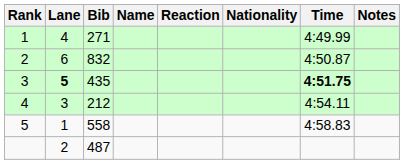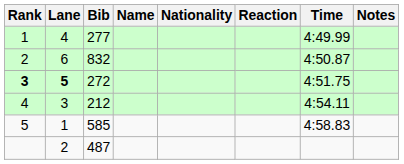 <table class="wikitable sortable" style="text-align:center">
 <tr>
 <th>Rank</th>
 <th>Lane</th>
 <th>Bib</th>
 <th>Name</th>
+<th>Nationality</th>
 <th>Reaction</th>
-<th>Nationality</th>
 <th>Time</th>
 <th>Notes</th>
 </tr>
 <tr bgcolor=ccffcc>
 <td>1</td>
 <td>4</td>
-<td>271</td>
+<td>277</td>
+<td align=left></td>
 <td align=left></td>
 <td></td>
-<td align=left></td>
 <td>4:49.99</td>
 <td><strong></strong></td>
 </tr>
 <tr bgcolor=ccffcc>
 <td>2</td>
 <td>6</td>
 <td>832</td>
 <td align=left></td>
+<td align=left></td>
 <td></td>
-<td align=left></td>
 <td>4:50.87</td>
 <td><strong></strong></td>
 </tr>
 <tr bgcolor=ccffcc>
-<td>3</td>
+<td><strong>3</strong></td>
 <td><strong>5</strong></td>
-<td>435</td>
+<td>272</td>
+<td align=left></td>
 <td align=left></td>
 <td></td>
-<td align=left></td>
-<td><strong>4:51.75</strong></td>
+<td>4:51.75</td>
 <td><strong></strong></td>
 </tr>
 <tr bgcolor=ccffcc>
 <td>4</td>
 <td>3</td>
 <td>212</td>
 <td align=left></td>
+<td align=left></td>
 <td></td>
-<td align=left></td>
 <td>4:54.11</td>
 <td><strong></strong></td>
 </tr>
 <tr>
 <td>5</td>
 <td>1</td>
-<td>558</td>
+<td>585</td>
+<td align=left></td>
 <td align=left></td>
 <td></td>
-<td align=left></td>
 <td>4:58.83</td>
 <td></td>
 </tr>
 <tr>
 <td></td>
 <td>2</td>
 <td>487</td>
 <td align=left></td>
+<td align=left></td>
 <td></td>
-<td align=left></td>
 <td></td>
 <td><strong></strong></td>
 </tr>
 </table>
